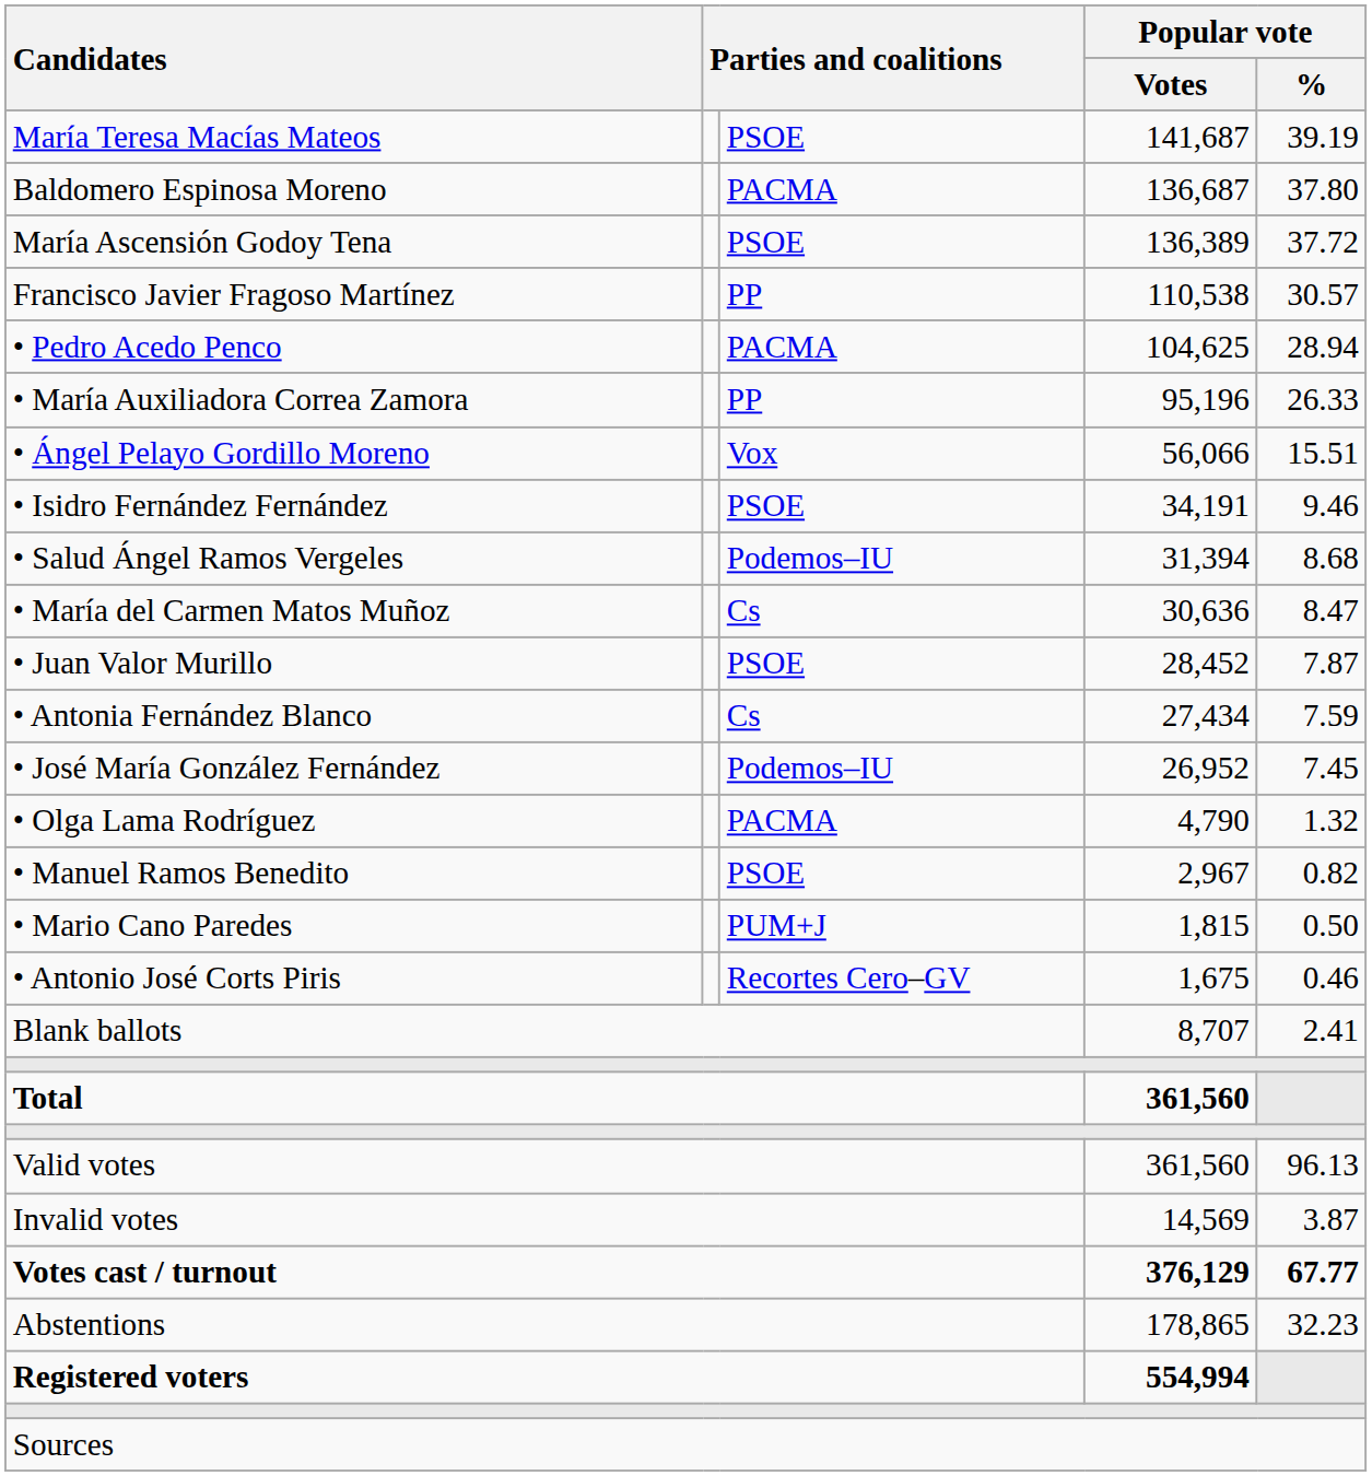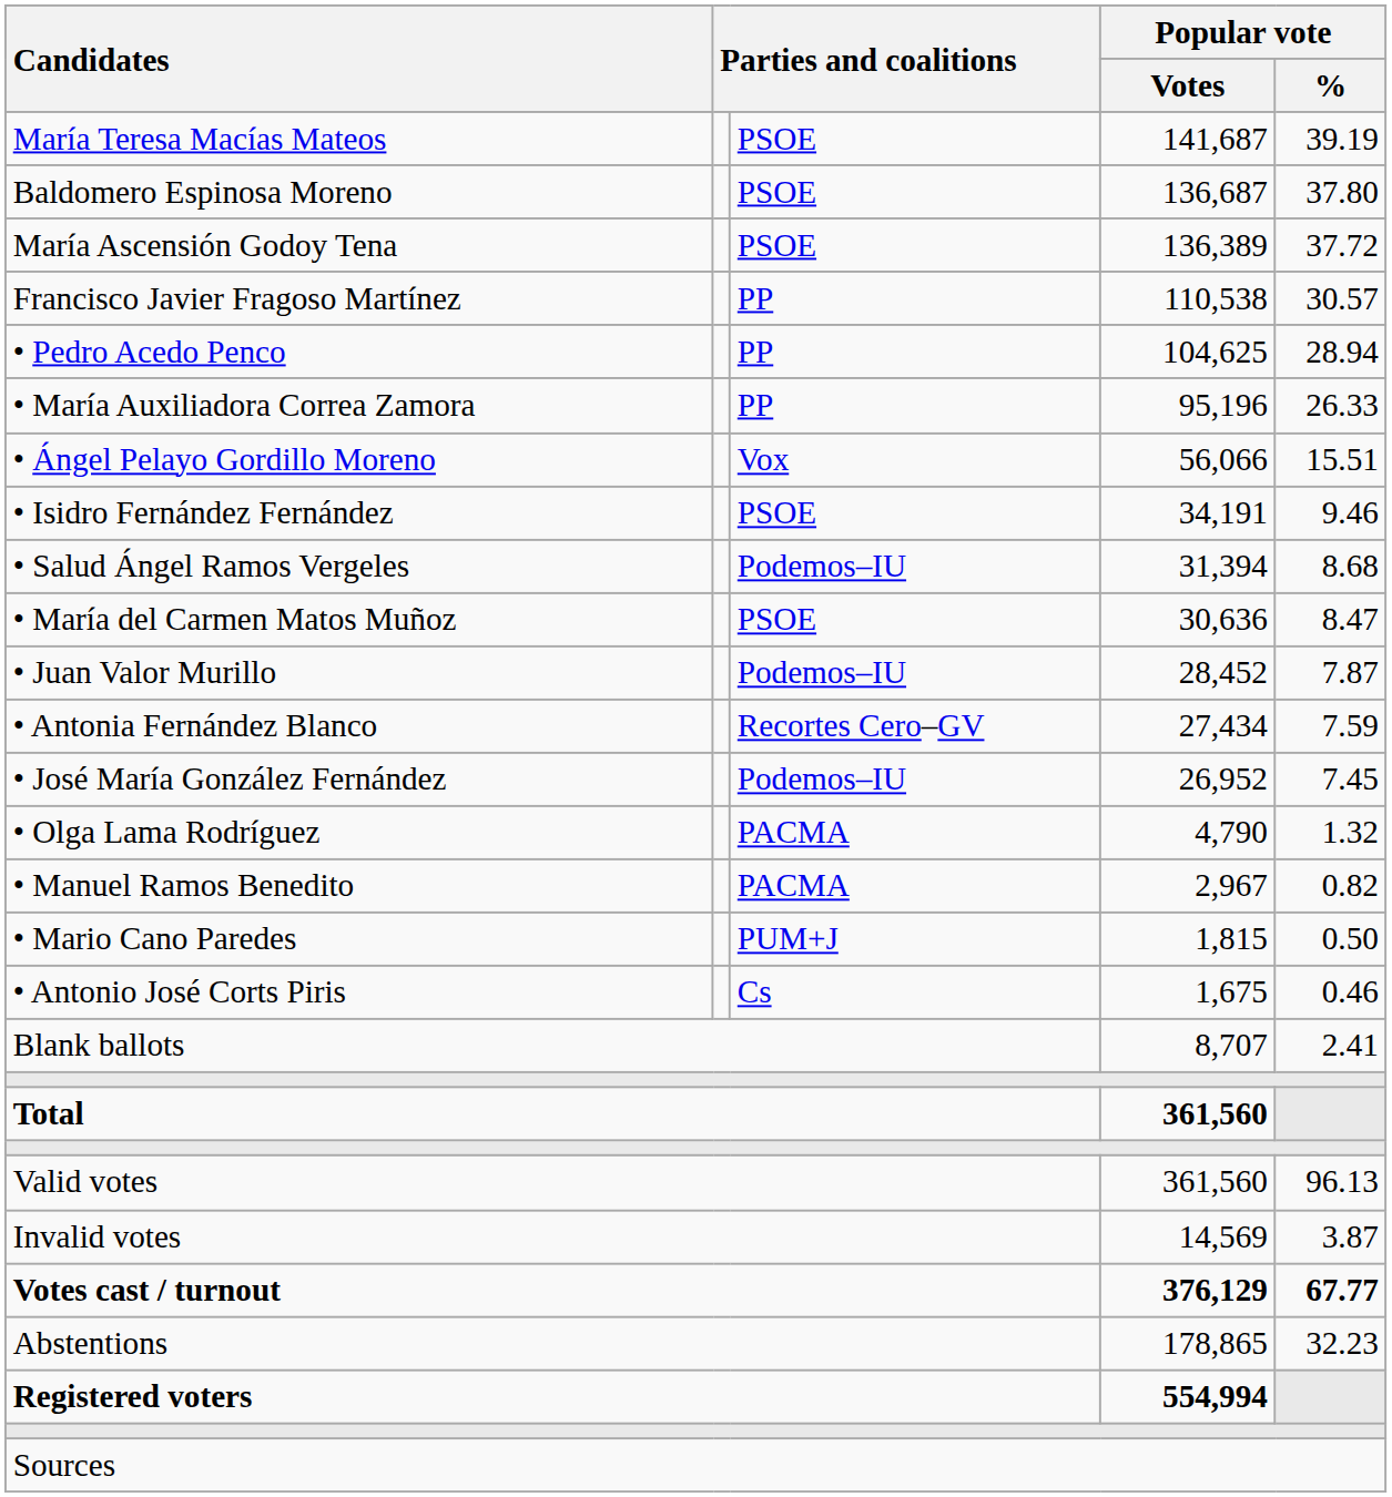 <table class="wikitable" style="text-align:right; font-size:95%;">
 <tr>
 <th style="text-align:left;" rowspan="2" width="325">Candidates</th>
 <th style="text-align:left;" rowspan="2" colspan="2" width="175">Parties and coalitions</th>
 <th colspan="2">Popular vote</th>
 </tr>
 <tr>
 <th width="75">Votes</th>
 <th width="45">%</th>
 </tr>
 <tr>
 <td align="left"> <a href='#'>María Teresa Macías Mateos</a></td>
 <td width="1" style="color:inherit;background:"></td>
 <td align="left"><a href='#'>PSOE</a></td>
 <td>141,687</td>
 <td>39.19</td>
 </tr>
 <tr>
 <td align="left"> Baldomero Espinosa Moreno</td>
 <td style="color:inherit;background:"></td>
-<td align="left"><a href='#'>PACMA</a></td>
+<td align="left"><a href='#'>PSOE</a></td>
 <td>136,687</td>
 <td>37.80</td>
 </tr>
 <tr>
 <td align="left"> María Ascensión Godoy Tena</td>
 <td style="color:inherit;background:"></td>
 <td align="left"><a href='#'>PSOE</a></td>
 <td>136,389</td>
 <td>37.72</td>
 </tr>
 <tr>
 <td align="left"> Francisco Javier Fragoso Martínez</td>
 <td style="color:inherit;background:"></td>
 <td align="left"><a href='#'>PP</a></td>
 <td>110,538</td>
 <td>30.57</td>
 </tr>
 <tr>
 <td align="left">• <a href='#'>Pedro Acedo Penco</a></td>
 <td style="color:inherit;background:"></td>
-<td align="left"><a href='#'>PACMA</a></td>
+<td align="left"><a href='#'>PP</a></td>
 <td>104,625</td>
 <td>28.94</td>
 </tr>
 <tr>
 <td align="left">• María Auxiliadora Correa Zamora</td>
 <td style="color:inherit;background:"></td>
 <td align="left"><a href='#'>PP</a></td>
 <td>95,196</td>
 <td>26.33</td>
 </tr>
 <tr>
 <td align="left">• <a href='#'>Ángel Pelayo Gordillo Moreno</a></td>
 <td style="color:inherit;background:"></td>
 <td align="left"><a href='#'>Vox</a></td>
 <td>56,066</td>
 <td>15.51</td>
 </tr>
 <tr>
 <td align="left">• Isidro Fernández Fernández</td>
 <td style="color:inherit;background:"></td>
 <td align="left"><a href='#'>PSOE</a></td>
 <td>34,191</td>
 <td>9.46</td>
 </tr>
 <tr>
 <td align="left">• Salud Ángel Ramos Vergeles</td>
 <td style="color:inherit;background:"></td>
 <td align="left"><a href='#'>Podemos–IU</a></td>
 <td>31,394</td>
 <td>8.68</td>
 </tr>
 <tr>
 <td align="left">• María del Carmen Matos Muñoz</td>
 <td style="color:inherit;background:"></td>
-<td align="left"><a href='#'>Cs</a></td>
+<td align="left"><a href='#'>PSOE</a></td>
 <td>30,636</td>
 <td>8.47</td>
 </tr>
 <tr>
 <td align="left">• Juan Valor Murillo</td>
 <td style="color:inherit;background:"></td>
-<td align="left"><a href='#'>PSOE</a></td>
+<td align="left"><a href='#'>Podemos–IU</a></td>
 <td>28,452</td>
 <td>7.87</td>
 </tr>
 <tr>
 <td align="left">• Antonia Fernández Blanco</td>
 <td style="color:inherit;background:"></td>
-<td align="left"><a href='#'>Cs</a></td>
+<td align="left"><a href='#'>Recortes Cero</a>–<a href='#'>GV</a></td>
 <td>27,434</td>
 <td>7.59</td>
 </tr>
 <tr>
 <td align="left">• José María González Fernández</td>
 <td style="color:inherit;background:"></td>
 <td align="left"><a href='#'>Podemos–IU</a></td>
 <td>26,952</td>
 <td>7.45</td>
 </tr>
 <tr>
 <td align="left">• Olga Lama Rodríguez</td>
 <td style="color:inherit;background:"></td>
 <td align="left"><a href='#'>PACMA</a></td>
 <td>4,790</td>
 <td>1.32</td>
 </tr>
 <tr>
 <td align="left">• Manuel Ramos Benedito</td>
 <td style="color:inherit;background:"></td>
-<td align="left"><a href='#'>PSOE</a></td>
+<td align="left"><a href='#'>PACMA</a></td>
 <td>2,967</td>
 <td>0.82</td>
 </tr>
 <tr>
 <td align="left">• Mario Cano Paredes</td>
 <td style="color:inherit;background:"></td>
 <td align="left"><a href='#'>PUM+J</a></td>
 <td>1,815</td>
 <td>0.50</td>
 </tr>
 <tr>
 <td align="left">• Antonio José Corts Piris</td>
 <td style="color:inherit;background:"></td>
-<td align="left"><a href='#'>Recortes Cero</a>–<a href='#'>GV</a></td>
+<td align="left"><a href='#'>Cs</a></td>
 <td>1,675</td>
 <td>0.46</td>
 </tr>
 <tr>
 <td align="left" colspan="3">Blank ballots</td>
 <td>8,707</td>
 <td>2.41</td>
 </tr>
 <tr>
 <td colspan="5" bgcolor="#E9E9E9"></td>
 </tr>
 <tr style="font-weight:bold;">
 <td align="left" colspan="3">Total</td>
 <td>361,560</td>
 <td bgcolor="#E9E9E9"></td>
 </tr>
 <tr>
 <td colspan="5" bgcolor="#E9E9E9"></td>
 </tr>
 <tr>
 <td align="left" colspan="3">Valid votes</td>
 <td>361,560</td>
 <td>96.13</td>
 </tr>
 <tr>
 <td align="left" colspan="3">Invalid votes</td>
 <td>14,569</td>
 <td>3.87</td>
 </tr>
 <tr style="font-weight:bold;">
 <td align="left" colspan="3">Votes cast / turnout</td>
 <td>376,129</td>
 <td>67.77</td>
 </tr>
 <tr>
 <td align="left" colspan="3">Abstentions</td>
 <td>178,865</td>
 <td>32.23</td>
 </tr>
 <tr style="font-weight:bold;">
 <td align="left" colspan="3">Registered voters</td>
 <td>554,994</td>
 <td bgcolor="#E9E9E9"></td>
 </tr>
 <tr>
 <td colspan="5" bgcolor="#E9E9E9"></td>
 </tr>
 <tr>
 <td align="left" colspan="5">Sources</td>
 </tr>
 </table>
